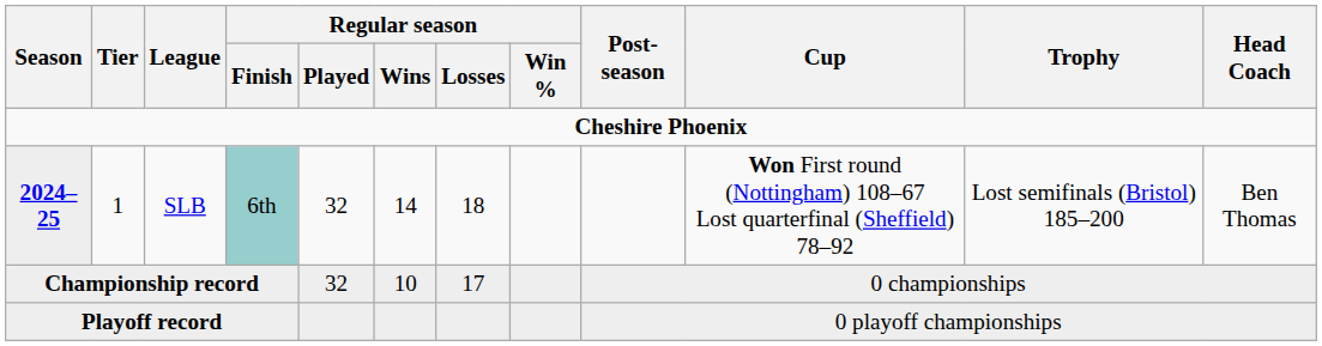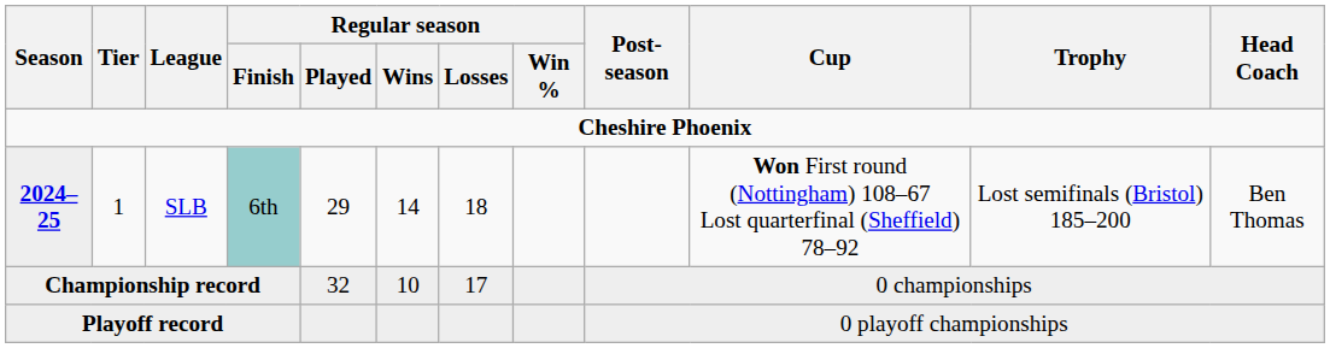 <table class="wikitable" style="font-size:95%; text-align:center">
 <tr>
 <th rowspan=2>Season</th>
 <th rowspan=2>Tier</th>
 <th rowspan=2>League</th>
 <th colspan=5>Regular season</th>
 <th rowspan=2>Post-season</th>
 <th rowspan=2>Cup</th>
 <th rowspan=2>Trophy</th>
 <th rowspan=2>Head Coach</th>
 </tr>
 <tr>
 <th>Finish</th>
 <th>Played</th>
 <th>Wins</th>
 <th>Losses</th>
 <th>Win %</th>
 </tr>
 <tr>
 <td colspan="12" align="center"><strong>Cheshire Phoenix</strong></td>
 </tr>
 <tr>
 <th style="background:#eee;"><a href='#'>2024–25</a></th>
 <td style="text-align:center;">1</td>
 <td style="text-align:center;"><a href='#'>SLB</a></td>
 <td style="text-align:center;background-color:#96CDCD;">6th</td>
-<td style="text-align:center;">32</td>
+<td style="text-align:center;">29</td>
 <td style="text-align:center;">14</td>
 <td style="text-align:center;">18</td>
 <td style="text-align:center;"></td>
 <td style="text-align:center;background-color:#;"></td>
 <td style="text-align:center;"><strong>Won</strong> First round (<a href='#'>Nottingham</a>) 108–67<br>Lost quarterfinal (<a href='#'>Sheffield</a>) 78–92</td>
 <td style="text-align:center;">Lost semifinals (<a href='#'>Bristol</a>) 185–200</td>
 <td style="text-align:center;">Ben Thomas</td>
 </tr>
 <tr>
 <th colspan=4 style="background:#eee;">Championship record</th>
 <td style="background:#eee;">32</td>
 <td style="background:#eee;">10</td>
 <td style="background:#eee;">17</td>
 <td style="background:#eee;"></td>
 <td colspan="4" style="background:#eee;">0 championships</td>
 </tr>
 <tr>
 <th colspan=4 style="background:#eee;">Playoff record</th>
 <td style="background:#eee;"></td>
 <td style="background:#eee;"></td>
 <td style="background:#eee;"></td>
 <td style="background:#eee;"></td>
 <td colspan="4" style="background:#eee;">0 playoff championships</td>
 </tr>
 </table>
